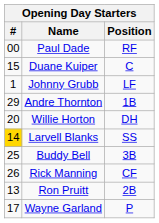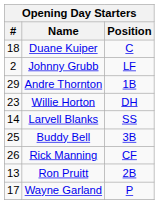 <table class="wikitable" style="text-align:center">
 <tr>
 <th colspan="3">Opening Day Starters</th>
 </tr>
 <tr>
 <th>#</th>
 <th>Name</th>
 <th>Position</th>
 </tr>
 <tr>
-<td>00</td>
-<td><a href='#'>Paul Dade</a></td>
-<td><a href='#'>RF</a></td>
-</tr>
-<tr>
-<td>15</td>
+<td>18</td>
 <td><a href='#'>Duane Kuiper</a></td>
 <td><a href='#'>C</a></td>
 </tr>
 <tr>
-<td>1</td>
+<td>2</td>
 <td><a href='#'>Johnny Grubb</a></td>
 <td><a href='#'>LF</a></td>
 </tr>
 <tr>
 <td>29</td>
 <td><a href='#'>Andre Thornton</a></td>
 <td><a href='#'>1B</a></td>
 </tr>
 <tr>
-<td>20</td>
+<td>23</td>
 <td><a href='#'>Willie Horton</a></td>
 <td><a href='#'>DH</a></td>
 </tr>
 <tr>
-<td style="background: gold;">14</td>
+<td>14</td>
 <td><a href='#'>Larvell Blanks</a></td>
 <td><a href='#'>SS</a></td>
 </tr>
 <tr>
 <td>25</td>
 <td><a href='#'>Buddy Bell</a></td>
 <td><a href='#'>3B</a></td>
 </tr>
 <tr>
 <td>26</td>
 <td><a href='#'>Rick Manning</a></td>
 <td><a href='#'>CF</a></td>
 </tr>
 <tr>
 <td>13</td>
 <td><a href='#'>Ron Pruitt</a></td>
 <td><a href='#'>2B</a></td>
 </tr>
 <tr>
 <td>17</td>
 <td><a href='#'>Wayne Garland</a></td>
 <td><a href='#'>P</a></td>
 </tr>
 </table>
